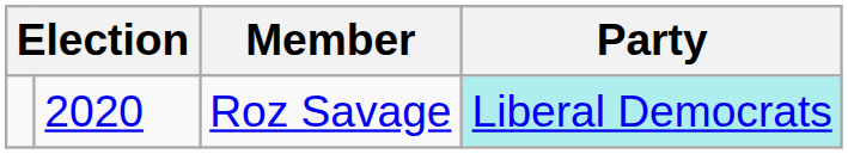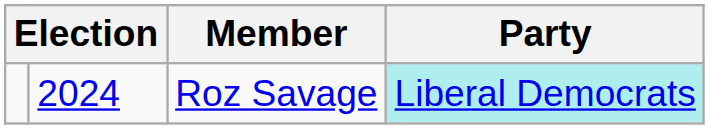 <table class="wikitable">
 <tr>
 <th colspan="2">Election</th>
 <th>Member</th>
 <th>Party</th>
 </tr>
 <tr>
 <td style="color:inherit;background-color: "></td>
-<td><a href='#'>2020</a></td>
+<td><a href='#'>2024</a></td>
 <td><a href='#'>Roz Savage</a></td>
 <td style="background: paleturquoise;"><a href='#'>Liberal Democrats</a></td>
 </tr>
 </table>
